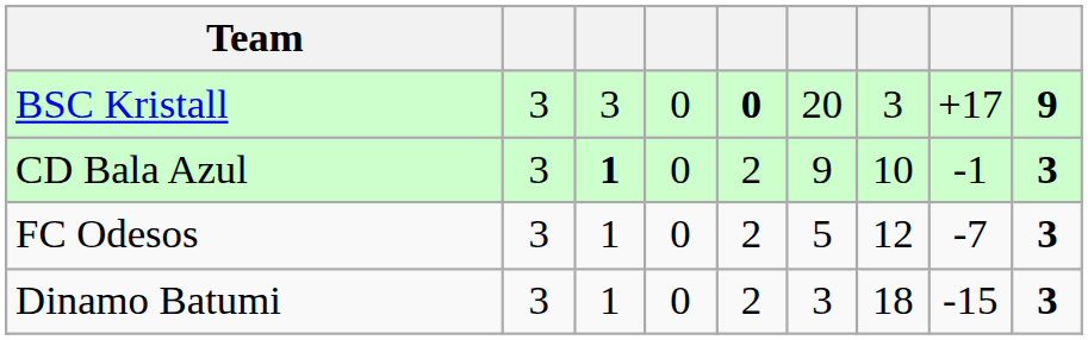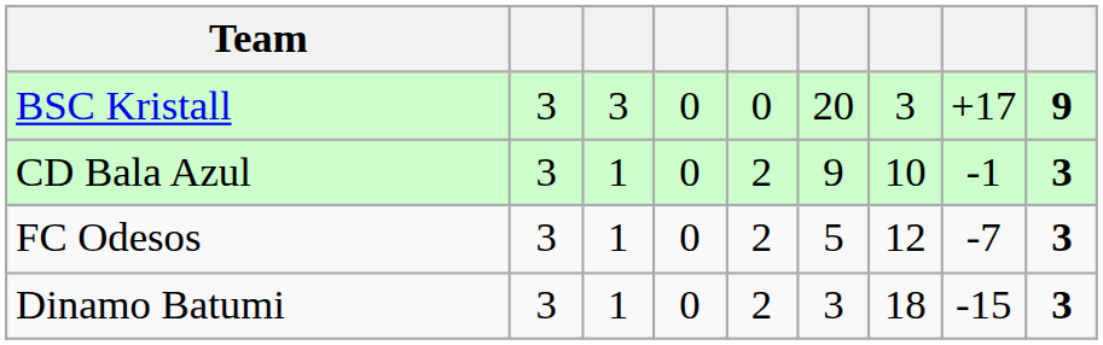 <table class="wikitable" style="text-align: center;">
 <tr>
 <th width="185">Team</th>
 <th width="20"></th>
 <th width="20"></th>
 <th width="20"></th>
 <th width="20"></th>
 <th width="20"></th>
 <th width="20"></th>
 <th width="20"></th>
 <th width="20"></th>
 </tr>
 <tr bgcolor=#ccffcc>
 <td align="left"> <a href='#'>BSC Kristall</a></td>
 <td>3</td>
 <td>3</td>
 <td>0</td>
-<td><strong>0</strong></td>
+<td>0</td>
 <td>20</td>
 <td>3</td>
 <td>+17</td>
 <td><strong>9</strong></td>
 </tr>
 <tr bgcolor=#ccffcc>
 <td align="left"> CD Bala Azul</td>
 <td>3</td>
-<td><strong>1</strong></td>
+<td>1</td>
 <td>0</td>
 <td>2</td>
 <td>9</td>
 <td>10</td>
 <td>-1</td>
 <td><strong>3</strong></td>
 </tr>
 <tr>
 <td align=left> FC Odesos</td>
 <td>3</td>
 <td>1</td>
 <td>0</td>
 <td>2</td>
 <td>5</td>
 <td>12</td>
 <td>-7</td>
 <td><strong>3</strong></td>
 </tr>
 <tr>
 <td align=left> Dinamo Batumi</td>
 <td>3</td>
 <td>1</td>
 <td>0</td>
 <td>2</td>
 <td>3</td>
 <td>18</td>
 <td>-15</td>
 <td><strong>3</strong></td>
 </tr>
 </table>
